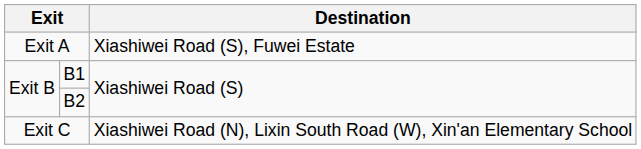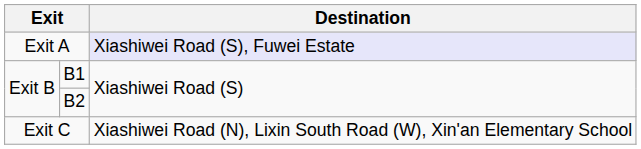 <table class="wikitable">
 <tr>
 <th style="width:70px" colspan=2>Exit</th>
 <th>Destination</th>
 </tr>
 <tr>
 <td align=center colspan=2>Exit A</td>
-<td>Xiashiwei Road (S), Fuwei Estate</td>
+<td style="background: lavender;">Xiashiwei Road (S), Fuwei Estate</td>
 </tr>
 <tr>
 <td align=center rowspan=2>Exit B</td>
 <td>B1</td>
 <td rowspan=2>Xiashiwei Road (S)</td>
 </tr>
 <tr>
 <td>B2</td>
 </tr>
 <tr>
 <td align=center colspan=2>Exit C</td>
 <td>Xiashiwei Road (N), Lixin South Road (W), Xin'an Elementary School</td>
 </tr>
 </table>
